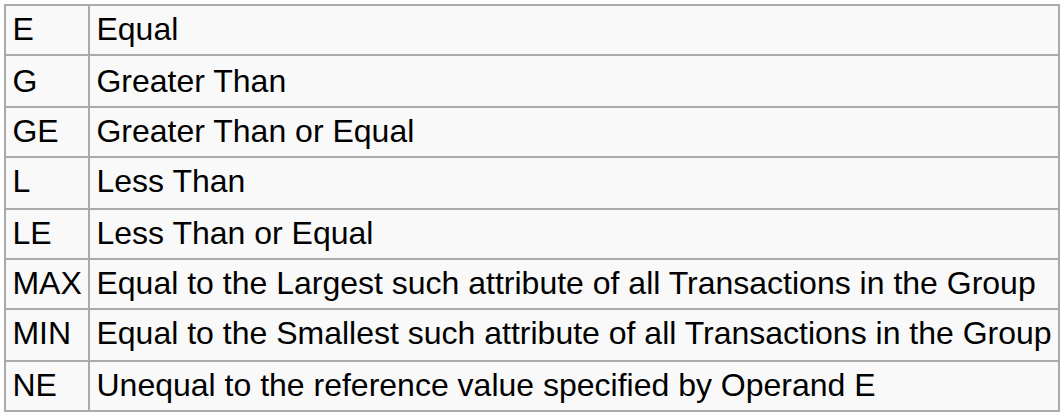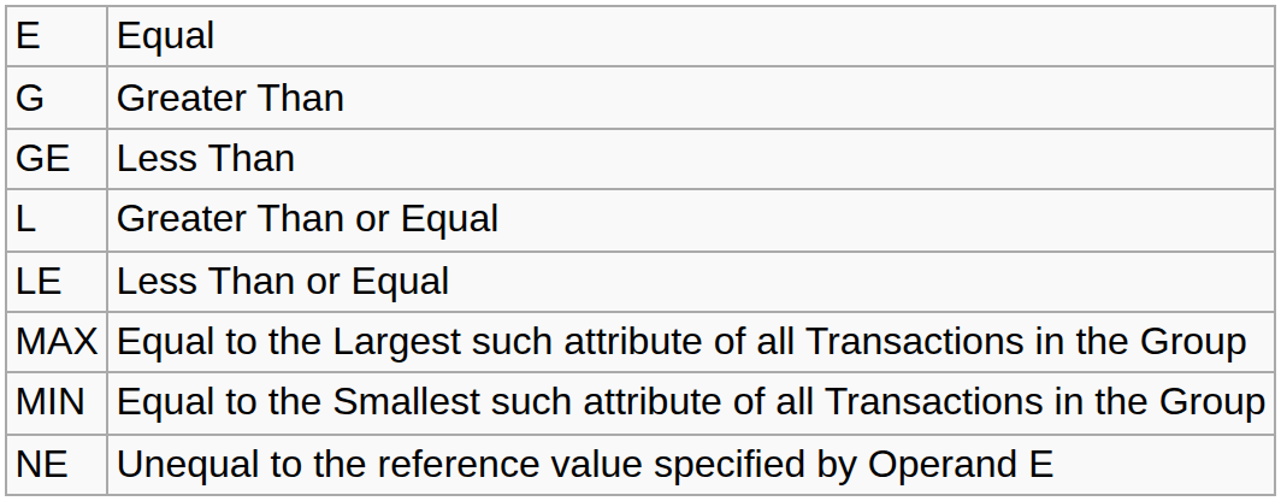 <table class="wikitable">
 <tr>
 <td>E</td>
 <td>Equal</td>
 </tr>
 <tr>
 <td>G</td>
 <td>Greater Than</td>
 </tr>
 <tr>
 <td>GE</td>
-<td>Greater Than or Equal</td>
+<td>Less Than</td>
 </tr>
 <tr>
 <td>L</td>
-<td>Less Than</td>
+<td>Greater Than or Equal</td>
 </tr>
 <tr>
 <td>LE</td>
 <td>Less Than or Equal</td>
 </tr>
 <tr>
 <td>MAX</td>
 <td>Equal to the Largest such attribute of all Transactions in the Group</td>
 </tr>
 <tr>
 <td>MIN</td>
 <td>Equal to the Smallest such attribute of all Transactions in the Group</td>
 </tr>
 <tr>
 <td>NE</td>
 <td>Unequal to the  reference value specified by Operand E</td>
 </tr>
 </table>
